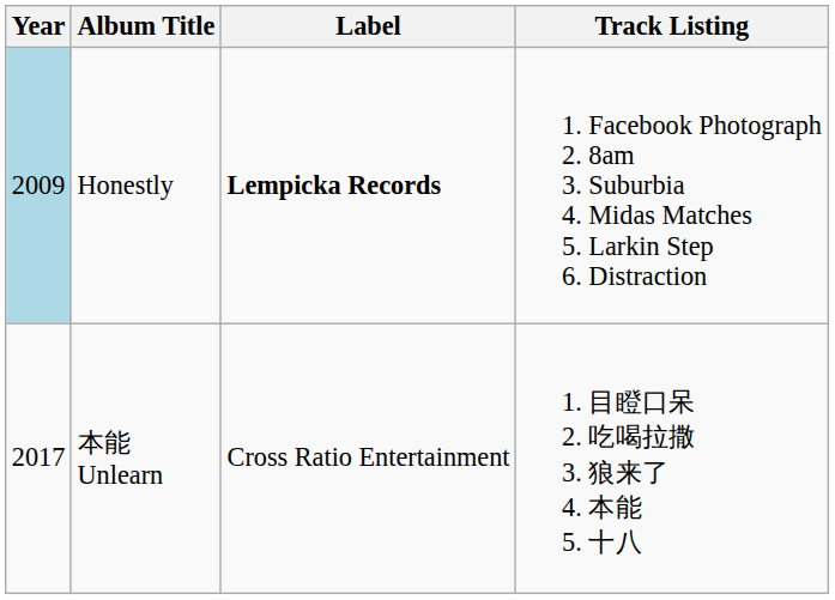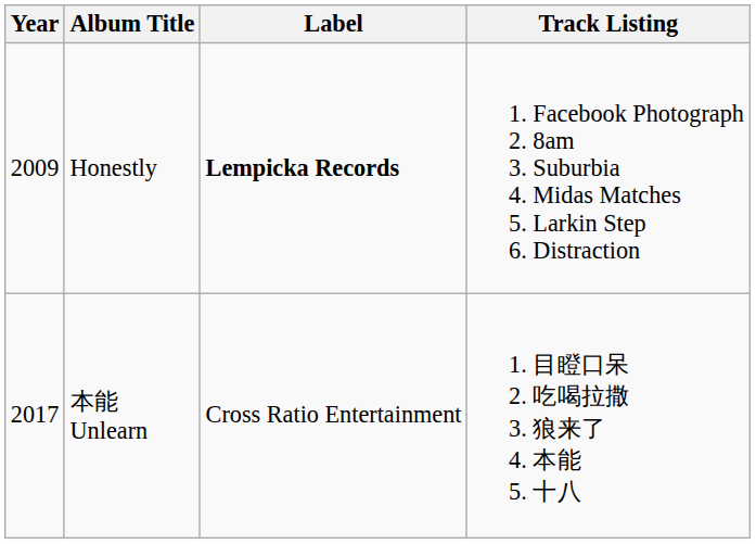 <table class="wikitable">
 <tr>
 <th>Year</th>
 <th>Album Title</th>
 <th>Label</th>
 <th>Track Listing</th>
 </tr>
 <tr>
-<td style="background: lightblue;">2009</td>
+<td>2009</td>
 <td>Honestly</td>
 <td><strong>Lempicka Records</strong></td>
 <td><br><ol><li>Facebook Photograph</li><li>8am</li><li>Suburbia</li><li>Midas Matches</li><li>Larkin Step</li><li>Distraction</li></ol></td>
 </tr>
 <tr>
 <td rowspan="2">2017</td>
 <td rowspan="3">本能<br>Unlearn</td>
 <td rowspan="3">Cross Ratio Entertainment</td>
 <td rowspan="3"><br><ol><li>目瞪口呆</li><li>吃喝拉撒</li><li>狼来了</li><li>本能</li><li>十八</li></ol></td>
 </tr>
 </table>
